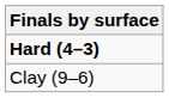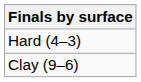 <table class=wikitable style=font-size:90%>
 <tr>
 <th>Finals by surface</th>
 </tr>
 <tr>
-<td><strong>Hard (4–3)</strong></td>
+<td>Hard (4–3)</td>
 </tr>
 <tr>
 <td>Clay (9–6)</td>
 </tr>
 </table>
